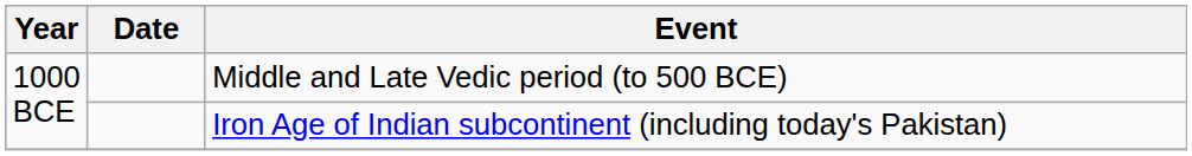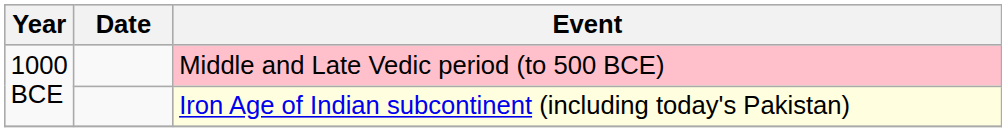 <table class="wikitable" style="width:100%">
 <tr>
 <th style="width:6%">Year</th>
 <th style="width:10%">Date</th>
 <th>Event</th>
 </tr>
 <tr>
 <td rowspan="2" style="vertical-align:top;">1000 BCE</td>
 <td></td>
-<td>Middle and Late Vedic period (to 500 BCE)</td>
+<td style="background: pink;">Middle and Late Vedic period (to 500 BCE)</td>
 </tr>
 <tr>
 <td></td>
-<td><a href='#'>Iron Age of Indian subcontinent</a> (including today's Pakistan)</td>
+<td style="background: lightyellow;"><a href='#'>Iron Age of Indian subcontinent</a> (including today's Pakistan)</td>
 </tr>
 <tr>
 </tr>
 </table>
